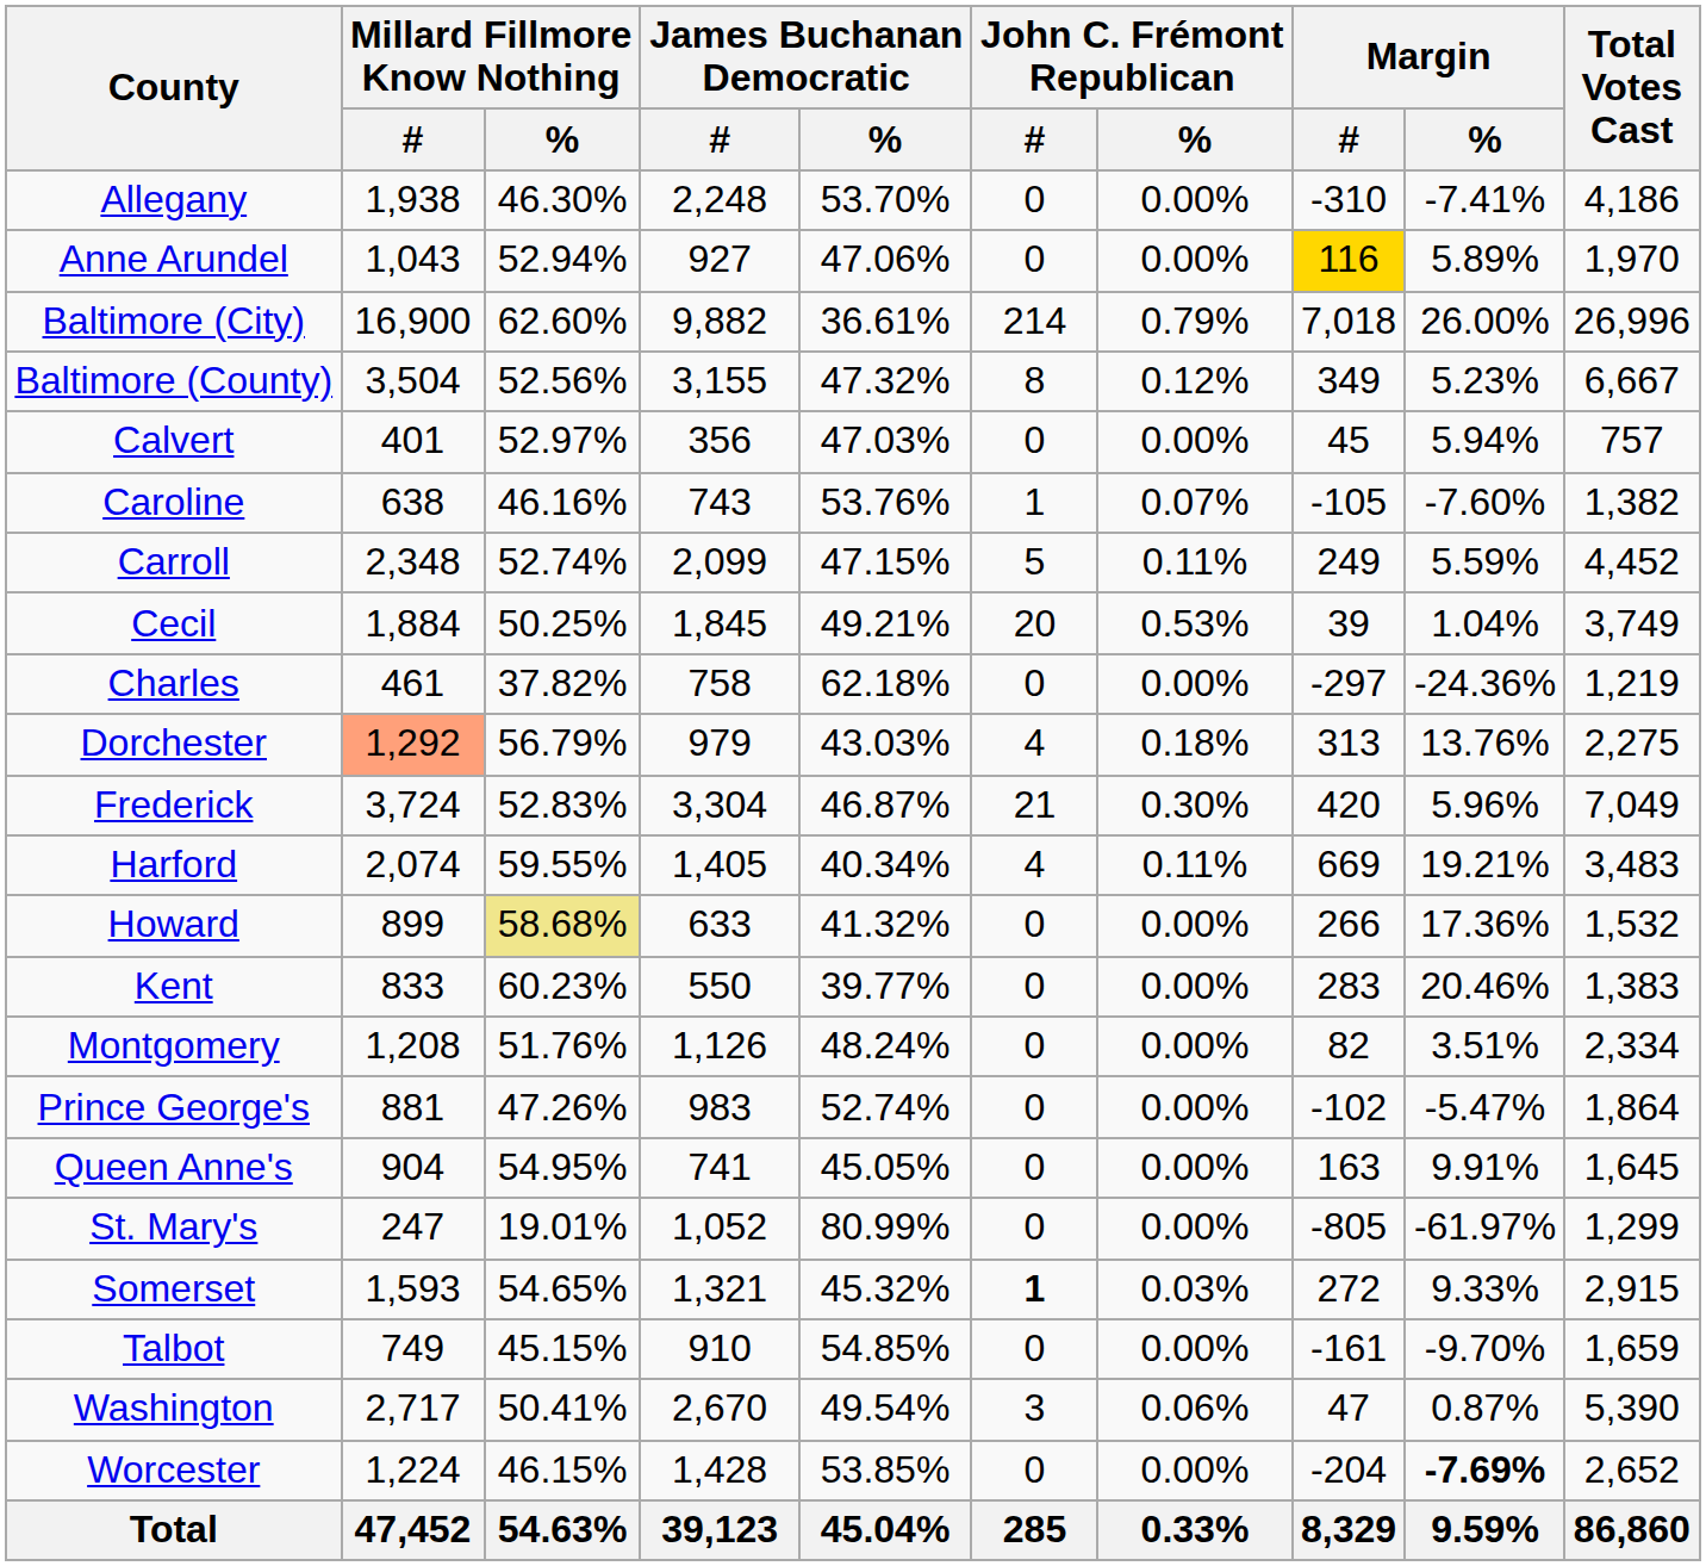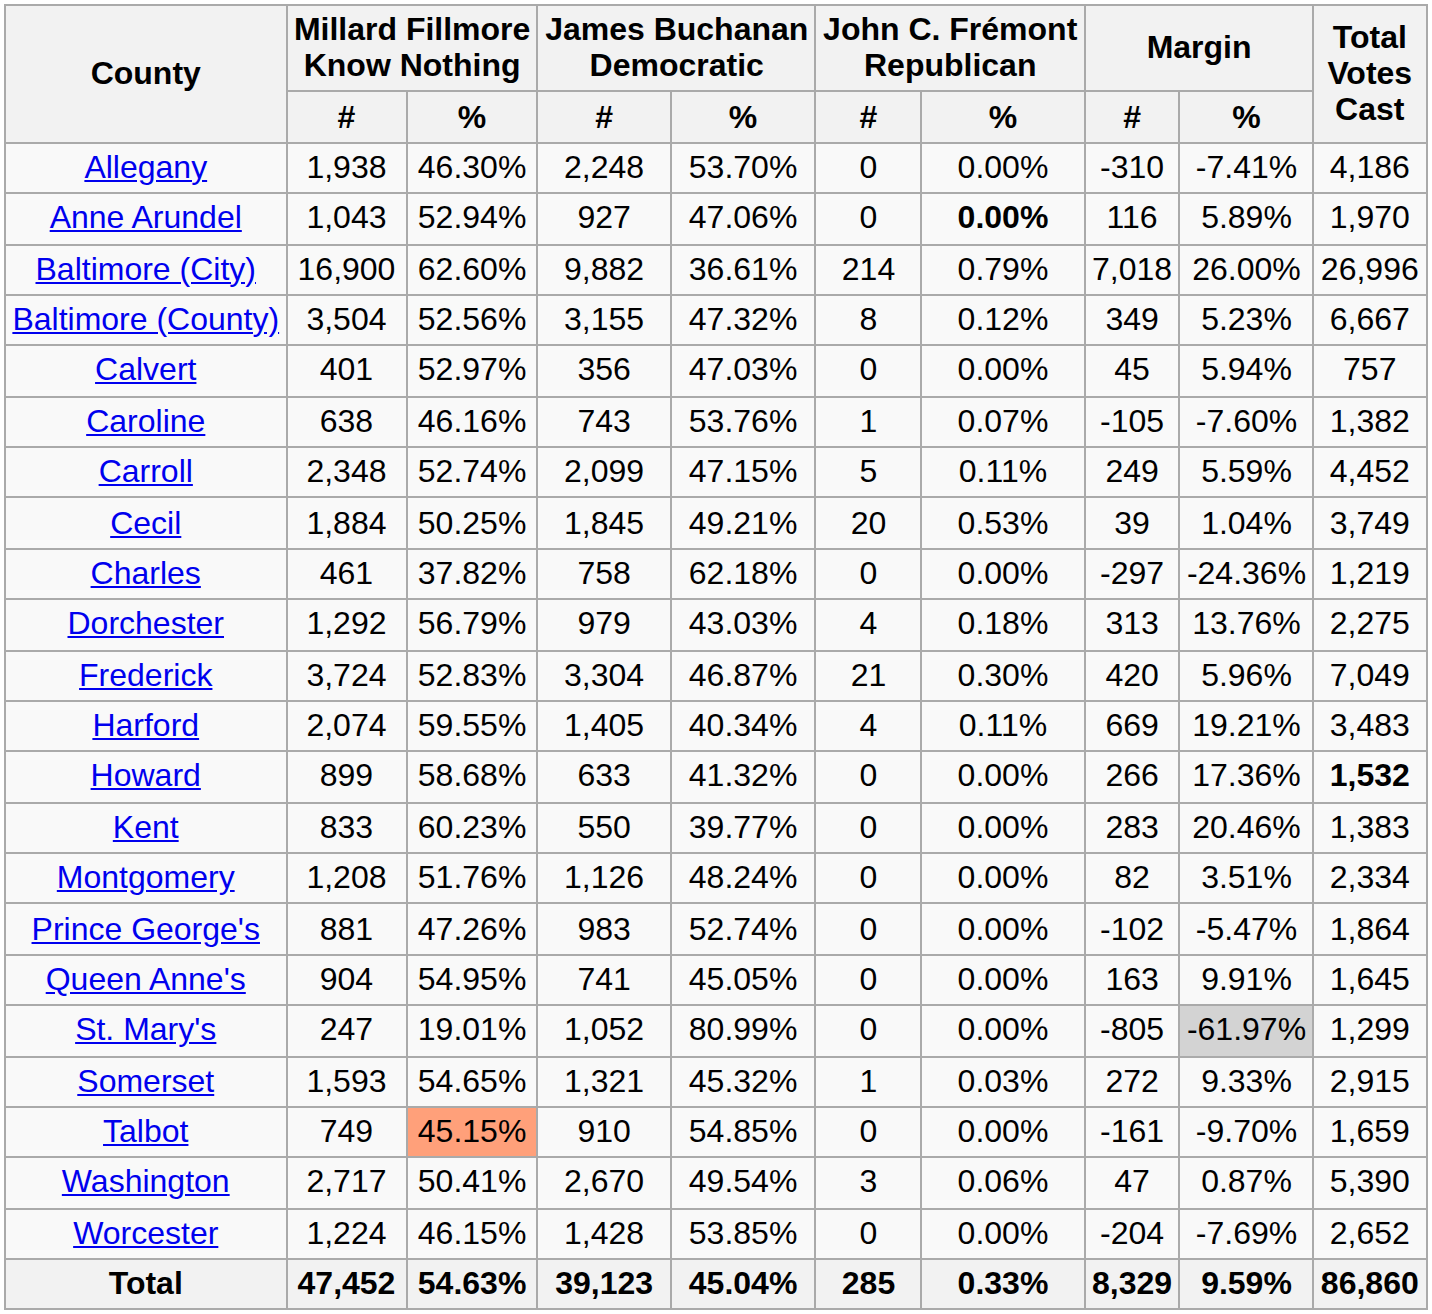 <table class="wikitable sortable">
 <tr>
 <th rowspan="2">County</th>
 <th colspan="2">Millard Fillmore<br>Know Nothing</th>
 <th colspan="2">James Buchanan<br>Democratic</th>
 <th colspan="2">John C. Frémont<br>Republican</th>
 <th colspan="2">Margin</th>
 <th rowspan="2">Total<br>Votes<br>Cast </th>
 </tr>
 <tr style="text-align:center;">
 <th>#</th>
 <th>%</th>
 <th>#</th>
 <th>%</th>
 <th>#</th>
 <th>%</th>
 <th>#</th>
 <th>%</th>
 </tr>
 <tr style="text-align:center;">
 <td><a href='#'>Allegany</a></td>
 <td>1,938</td>
 <td>46.30%</td>
 <td>2,248</td>
 <td>53.70%</td>
 <td>0</td>
 <td>0.00%</td>
 <td>-310</td>
 <td>-7.41%</td>
 <td>4,186</td>
 </tr>
 <tr style="text-align:center;">
 <td><a href='#'>Anne Arundel</a></td>
 <td>1,043</td>
 <td>52.94%</td>
 <td>927</td>
 <td>47.06%</td>
 <td>0</td>
-<td>0.00%</td>
-<td style="background: gold;">116</td>
+<td><strong>0.00%</strong></td>
+<td>116</td>
 <td>5.89%</td>
 <td>1,970</td>
 </tr>
 <tr style="text-align:center;">
 <td><a href='#'>Baltimore (City)</a></td>
 <td>16,900</td>
 <td>62.60%</td>
 <td>9,882</td>
 <td>36.61%</td>
 <td>214</td>
 <td>0.79%</td>
 <td>7,018</td>
 <td>26.00%</td>
 <td>26,996</td>
 </tr>
 <tr style="text-align:center;">
 <td><a href='#'>Baltimore (County)</a></td>
 <td>3,504</td>
 <td>52.56%</td>
 <td>3,155</td>
 <td>47.32%</td>
 <td>8</td>
 <td>0.12%</td>
 <td>349</td>
 <td>5.23%</td>
 <td>6,667</td>
 </tr>
 <tr style="text-align:center;">
 <td><a href='#'>Calvert</a></td>
 <td>401</td>
 <td>52.97%</td>
 <td>356</td>
 <td>47.03%</td>
 <td>0</td>
 <td>0.00%</td>
 <td>45</td>
 <td>5.94%</td>
 <td>757</td>
 </tr>
 <tr style="text-align:center;">
 <td><a href='#'>Caroline</a></td>
 <td>638</td>
 <td>46.16%</td>
 <td>743</td>
 <td>53.76%</td>
 <td>1</td>
 <td>0.07%</td>
 <td>-105</td>
 <td>-7.60%</td>
 <td>1,382</td>
 </tr>
 <tr style="text-align:center;">
 <td><a href='#'>Carroll</a></td>
 <td>2,348</td>
 <td>52.74%</td>
 <td>2,099</td>
 <td>47.15%</td>
 <td>5</td>
 <td>0.11%</td>
 <td>249</td>
 <td>5.59%</td>
 <td>4,452</td>
 </tr>
 <tr style="text-align:center;">
 <td><a href='#'>Cecil</a></td>
 <td>1,884</td>
 <td>50.25%</td>
 <td>1,845</td>
 <td>49.21%</td>
 <td>20</td>
 <td>0.53%</td>
 <td>39</td>
 <td>1.04%</td>
 <td>3,749</td>
 </tr>
 <tr style="text-align:center;">
 <td><a href='#'>Charles</a></td>
 <td>461</td>
 <td>37.82%</td>
 <td>758</td>
 <td>62.18%</td>
 <td>0</td>
 <td>0.00%</td>
 <td>-297</td>
 <td>-24.36%</td>
 <td>1,219</td>
 </tr>
 <tr style="text-align:center;">
 <td><a href='#'>Dorchester</a></td>
-<td style="background: lightsalmon;">1,292</td>
+<td>1,292</td>
 <td>56.79%</td>
 <td>979</td>
 <td>43.03%</td>
 <td>4</td>
 <td>0.18%</td>
 <td>313</td>
 <td>13.76%</td>
 <td>2,275</td>
 </tr>
 <tr style="text-align:center;">
 <td><a href='#'>Frederick</a></td>
 <td>3,724</td>
 <td>52.83%</td>
 <td>3,304</td>
 <td>46.87%</td>
 <td>21</td>
 <td>0.30%</td>
 <td>420</td>
 <td>5.96%</td>
 <td>7,049</td>
 </tr>
 <tr style="text-align:center;">
 <td><a href='#'>Harford</a></td>
 <td>2,074</td>
 <td>59.55%</td>
 <td>1,405</td>
 <td>40.34%</td>
 <td>4</td>
 <td>0.11%</td>
 <td>669</td>
 <td>19.21%</td>
 <td>3,483</td>
 </tr>
 <tr style="text-align:center;">
 <td><a href='#'>Howard</a></td>
 <td>899</td>
-<td style="background: khaki;">58.68%</td>
+<td>58.68%</td>
 <td>633</td>
 <td>41.32%</td>
 <td>0</td>
 <td>0.00%</td>
 <td>266</td>
 <td>17.36%</td>
-<td>1,532</td>
+<td><strong>1,532</strong></td>
 </tr>
 <tr style="text-align:center;">
 <td><a href='#'>Kent</a></td>
 <td>833</td>
 <td>60.23%</td>
 <td>550</td>
 <td>39.77%</td>
 <td>0</td>
 <td>0.00%</td>
 <td>283</td>
 <td>20.46%</td>
 <td>1,383</td>
 </tr>
 <tr style="text-align:center;">
 <td><a href='#'>Montgomery</a></td>
 <td>1,208</td>
 <td>51.76%</td>
 <td>1,126</td>
 <td>48.24%</td>
 <td>0</td>
 <td>0.00%</td>
 <td>82</td>
 <td>3.51%</td>
 <td>2,334</td>
 </tr>
 <tr style="text-align:center;">
 <td><a href='#'>Prince George's</a></td>
 <td>881</td>
 <td>47.26%</td>
 <td>983</td>
 <td>52.74%</td>
 <td>0</td>
 <td>0.00%</td>
 <td>-102</td>
 <td>-5.47%</td>
 <td>1,864</td>
 </tr>
 <tr style="text-align:center;">
 <td><a href='#'>Queen Anne's</a></td>
 <td>904</td>
 <td>54.95%</td>
 <td>741</td>
 <td>45.05%</td>
 <td>0</td>
 <td>0.00%</td>
 <td>163</td>
 <td>9.91%</td>
 <td>1,645</td>
 </tr>
 <tr style="text-align:center;">
 <td><a href='#'>St. Mary's</a></td>
 <td>247</td>
 <td>19.01%</td>
 <td>1,052</td>
 <td>80.99%</td>
 <td>0</td>
 <td>0.00%</td>
 <td>-805</td>
-<td>-61.97%</td>
+<td style="background: lightgrey;">-61.97%</td>
 <td>1,299</td>
 </tr>
 <tr style="text-align:center;">
 <td><a href='#'>Somerset</a></td>
 <td>1,593</td>
 <td>54.65%</td>
 <td>1,321</td>
 <td>45.32%</td>
-<td><strong>1</strong></td>
+<td>1</td>
 <td>0.03%</td>
 <td>272</td>
 <td>9.33%</td>
 <td>2,915</td>
 </tr>
 <tr style="text-align:center;">
 <td><a href='#'>Talbot</a></td>
 <td>749</td>
-<td>45.15%</td>
+<td style="background: lightsalmon;">45.15%</td>
 <td>910</td>
 <td>54.85%</td>
 <td>0</td>
 <td>0.00%</td>
 <td>-161</td>
 <td>-9.70%</td>
 <td>1,659</td>
 </tr>
 <tr style="text-align:center;">
 <td><a href='#'>Washington</a></td>
 <td>2,717</td>
 <td>50.41%</td>
 <td>2,670</td>
 <td>49.54%</td>
 <td>3</td>
 <td>0.06%</td>
 <td>47</td>
 <td>0.87%</td>
 <td>5,390</td>
 </tr>
 <tr style="text-align:center;">
 <td><a href='#'>Worcester</a></td>
 <td>1,224</td>
 <td>46.15%</td>
 <td>1,428</td>
 <td>53.85%</td>
 <td>0</td>
 <td>0.00%</td>
 <td>-204</td>
-<td><strong>-7.69%</strong></td>
+<td>-7.69%</td>
 <td>2,652</td>
 </tr>
 <tr style="text-align:center;">
 <th>Total</th>
 <th>47,452</th>
 <th>54.63%</th>
 <th>39,123</th>
 <th>45.04%</th>
 <th>285</th>
 <th>0.33%</th>
 <th>8,329</th>
 <th>9.59%</th>
 <th>86,860</th>
 </tr>
 </table>
